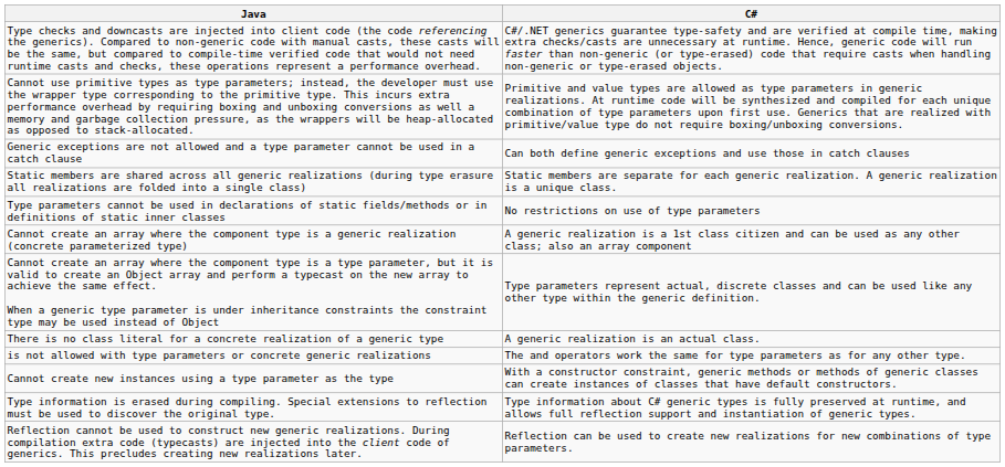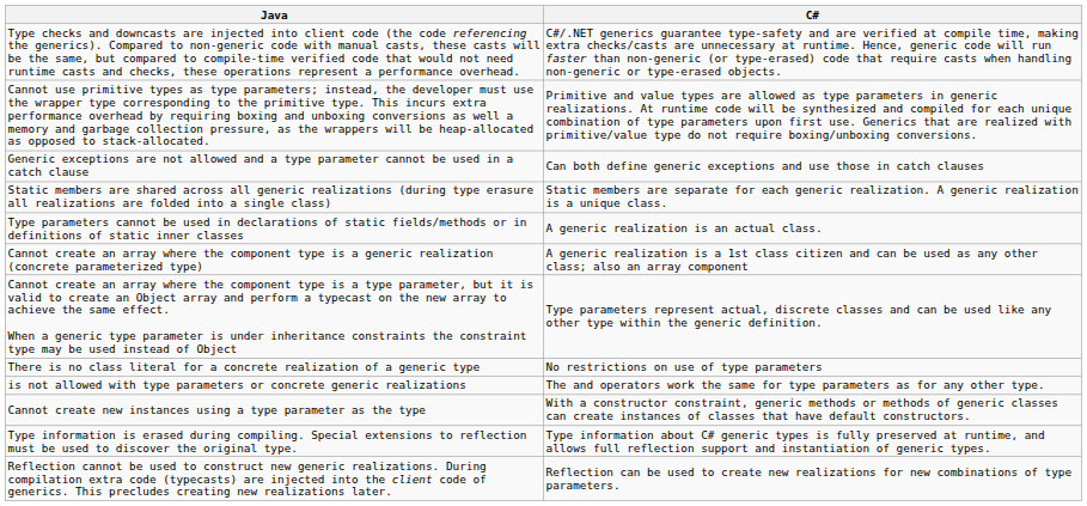 <table class="wikitable">
 <tr>
 <th style="width:50%;">Java</th>
 <th style="width:50%;">C#</th>
 </tr>
 <tr>
 <td>Type checks and downcasts are injected into client code (the code <em>referencing</em> the generics). Compared to non-generic code with manual casts, these casts will be the same, but compared to compile-time verified code that would not need runtime casts and checks, these operations represent a performance overhead.</td>
 <td>C#/.NET generics guarantee type-safety and are verified at compile time, making extra checks/casts are unnecessary at runtime. Hence, generic code will run <em>faster</em> than non-generic (or type-erased) code that require casts when handling non-generic or type-erased objects.</td>
 </tr>
 <tr>
 <td>Cannot use primitive types as type parameters; instead, the developer must use the wrapper type corresponding to the primitive type. This incurs extra performance overhead by requiring boxing and unboxing conversions as well a memory and garbage collection pressure, as the wrappers will be heap-allocated as opposed to stack-allocated.</td>
 <td>Primitive and value types are allowed as type parameters in generic realizations. At runtime code will be synthesized and compiled for each unique combination of type parameters upon first use. Generics that are realized with primitive/value type do not require boxing/unboxing conversions.</td>
 </tr>
 <tr>
 <td>Generic exceptions are not allowed and a type parameter cannot be used in a catch clause</td>
 <td>Can both define generic exceptions and use those in catch clauses</td>
 </tr>
 <tr>
 <td>Static members are shared across all generic realizations (during type erasure all realizations are folded into a single class)</td>
 <td>Static members are separate for each generic realization. A generic realization is a unique class.</td>
 </tr>
 <tr>
 <td>Type parameters cannot be used in declarations of static fields/methods or in definitions of static inner classes</td>
-<td>No restrictions on use of type parameters</td>
+<td>A generic realization is an actual class.</td>
 </tr>
 <tr>
 <td>Cannot create an array where the component type is a generic realization (concrete parameterized type)<br></td>
 <td>A generic realization is a 1st class citizen and can be used as any other class; also an array component<br></td>
 </tr>
 <tr>
 <td>Cannot create an array where the component type is a type parameter, but it is valid to create an <code>Object</code> array and perform a typecast on the new array to achieve the same effect.<br><br>When a generic type parameter is under inheritance constraints the constraint type may be used instead of <code>Object</code> </td>
 <td>Type parameters represent actual, discrete classes and can be used like any other type within the generic definition.<br></td>
 </tr>
 <tr>
 <td>There is no class literal for a concrete realization of a generic type</td>
-<td>A generic realization is an actual class.</td>
+<td>No restrictions on use of type parameters</td>
 </tr>
 <tr>
 <td> is not allowed with type parameters or concrete generic realizations</td>
 <td>The  and  operators work the same for type parameters as for any other type.</td>
 </tr>
 <tr>
 <td>Cannot create new instances using a type parameter as the type</td>
 <td>With a constructor constraint, generic methods or methods of generic classes can create instances of classes that have default constructors.</td>
 </tr>
 <tr>
 <td>Type information is erased during compiling. Special extensions to reflection must be used to discover the original type.</td>
 <td>Type information about C# generic types is fully preserved at runtime, and allows full reflection support and instantiation of generic types.</td>
 </tr>
 <tr>
 <td>Reflection cannot be used to construct new generic realizations. During compilation extra code (typecasts) are injected into the <em>client</em> code of generics. This precludes creating new realizations later.</td>
 <td>Reflection can be used to create new realizations for new combinations of type parameters.</td>
 </tr>
 </table>
